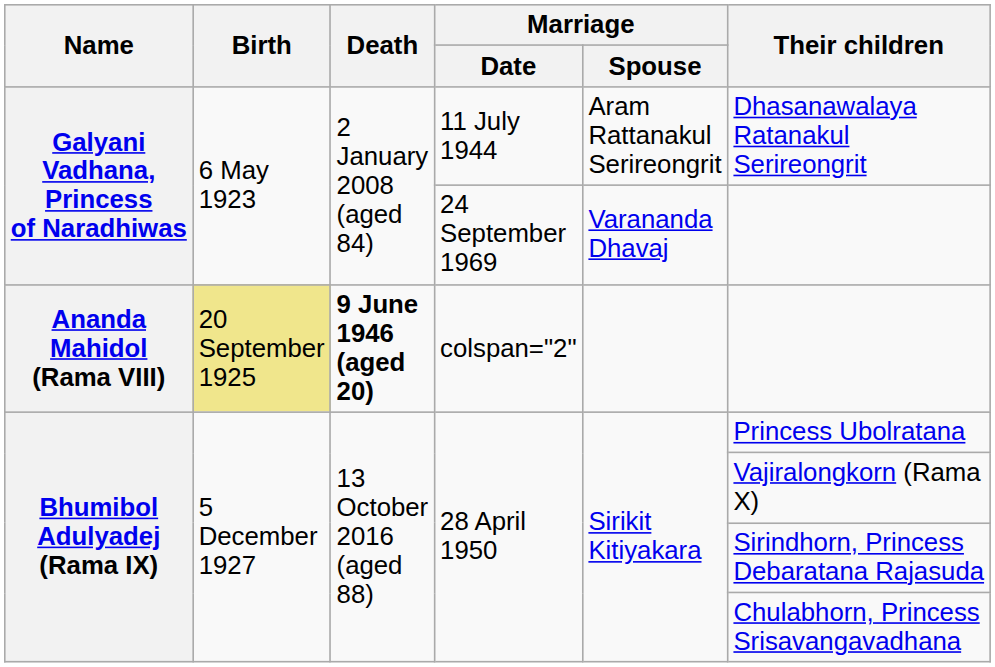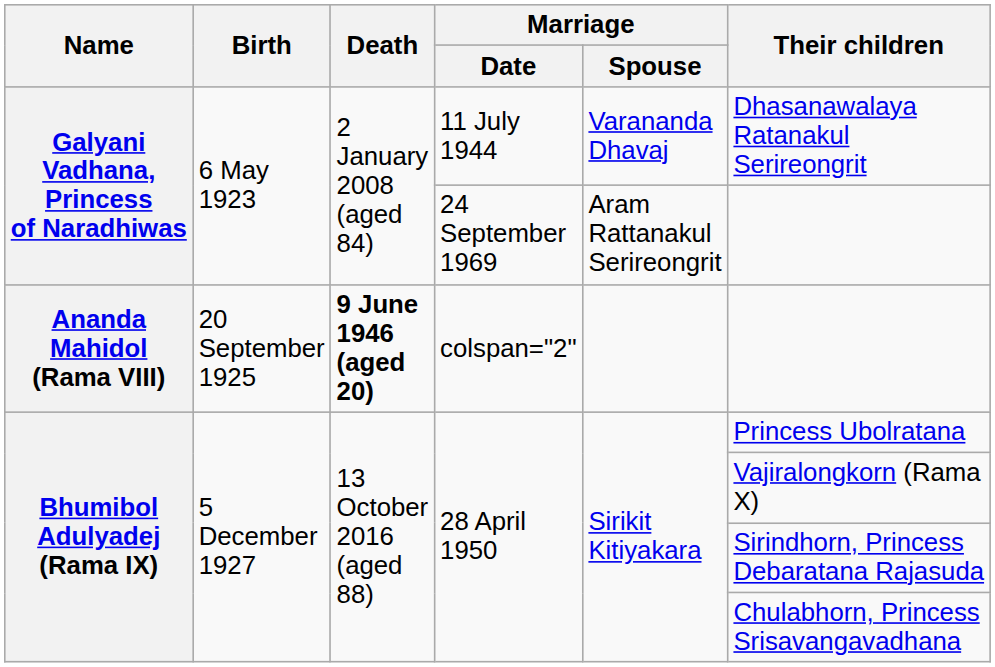 <table class="wikitable plainrowheaders">
 <tr>
 <th rowspan="2" scope="col">Name</th>
 <th rowspan="2" scope="col">Birth</th>
 <th rowspan="2" scope="col">Death</th>
 <th colspan="2" scope="col">Marriage</th>
 <th rowspan="2" scope="col">Their children</th>
 </tr>
 <tr>
 <th scope="col">Date</th>
 <th scope="col">Spouse</th>
 </tr>
 <tr>
 <th rowspan="2" scope="row"><a href='#'>Galyani Vadhana, Princess of Naradhiwas</a></th>
 <td rowspan="2">6 May 1923</td>
 <td rowspan="2">2 January 2008 (aged 84)</td>
 <td>11 July 1944<br></td>
-<td>Aram Rattanakul Serireongrit</td>
+<td><a href='#'>Varananda Dhavaj</a></td>
 <td><a href='#'>Dhasanawalaya Ratanakul<br>Serireongrit</a></td>
 </tr>
 <tr>
 <td>24 September 1969</td>
-<td><a href='#'>Varananda Dhavaj</a></td>
+<td>Aram Rattanakul Serireongrit</td>
 <td></td>
 </tr>
 <tr>
 <th scope="row"><a href='#'>Ananda Mahidol</a> (Rama VIII)</th>
-<td style="background: khaki;">20 September 1925</td>
+<td>20 September 1925</td>
 <td><strong>9 June 1946 (aged 20)</strong></td>
 <td>colspan="2" </td>
 <td></td>
 </tr>
 <tr>
 <th rowspan="4" scope="row"><a href='#'>Bhumibol Adulyadej</a> (Rama IX)</th>
 <td rowspan="4">5 December 1927</td>
 <td rowspan="4">13 October 2016 (aged 88)</td>
 <td rowspan="4">28 April 1950</td>
 <td rowspan="4"><a href='#'>Sirikit Kitiyakara</a></td>
 <td><a href='#'>Princess Ubolratana</a></td>
 </tr>
 <tr>
 <td><a href='#'>Vajiralongkorn</a> (Rama X)</td>
 </tr>
 <tr>
 <td><a href='#'>Sirindhorn, Princess Debaratana Rajasuda</a></td>
 </tr>
 <tr>
 <td><a href='#'>Chulabhorn, Princess Srisavangavadhana</a></td>
 </tr>
 </table>
